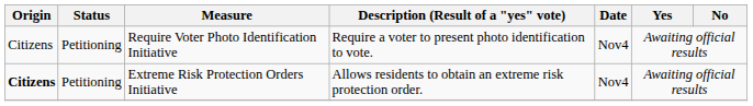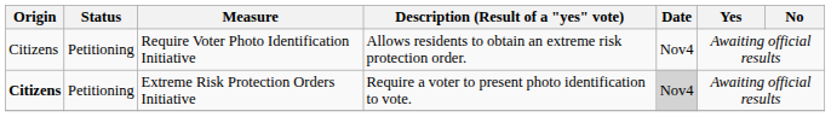 <table class="wikitable">
 <tr>
 <th>Origin</th>
 <th>Status</th>
 <th>Measure</th>
 <th>Description (Result of a "yes" vote)</th>
 <th>Date</th>
 <th>Yes</th>
 <th>No</th>
 </tr>
 <tr>
 <td>Citizens</td>
 <td>Petitioning</td>
 <td>Require Voter Photo Identification Initiative</td>
-<td>Require a voter to present photo identification to vote.</td>
+<td>Allows residents to obtain an extreme risk protection order.</td>
 <td>Nov4</td>
 <td style="text-align:center;" colspan=2><em>Awaiting official results</em></td>
 </tr>
 <tr>
 <td><strong>Citizens</strong></td>
 <td>Petitioning</td>
 <td>Extreme Risk Protection Orders Initiative</td>
-<td>Allows residents to obtain an extreme risk protection order.</td>
-<td>Nov4</td>
+<td>Require a voter to present photo identification to vote.</td>
+<td style="background: lightgrey;">Nov4</td>
 <td style="text-align:center;" colspan=2><em>Awaiting official results</em></td>
 </tr>
 <tr>
 </tr>
 </table>
